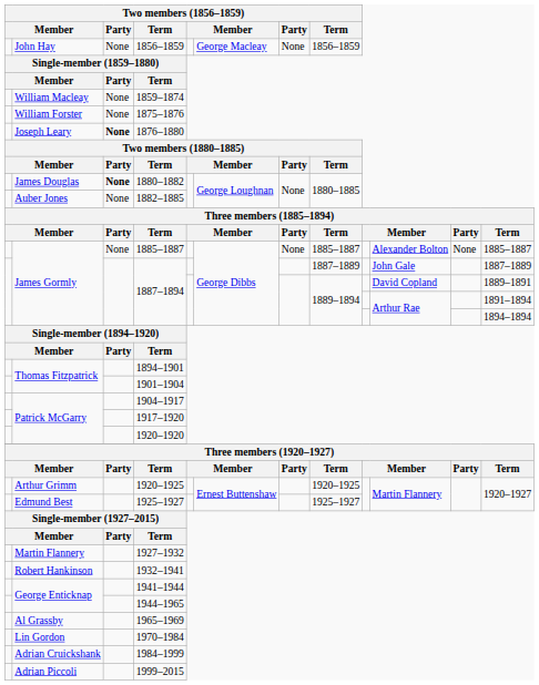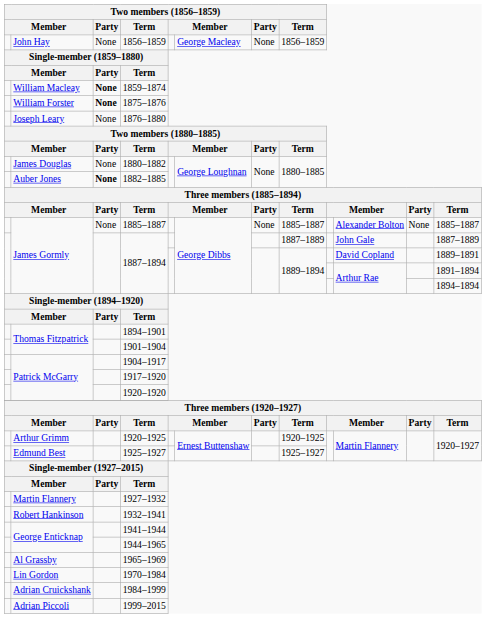 <table class="wikitable" style='border-style: none none none solid;'>
 <tr>
 <th colspan="8">Two members (1856–1859)</th>
 </tr>
 <tr>
 <th colspan="2">Member</th>
 <th>Party</th>
 <th>Term</th>
 <th colspan="2">Member</th>
 <th>Party</th>
 <th>Term</th>
 </tr>
 <tr>
 <td> </td>
 <td style="background: #f9f9f9"><a href='#'>John Hay</a></td>
 <td style="background: #f9f9f9">None</td>
 <td style="background: #f9f9f9">1856–1859</td>
 <td> </td>
 <td style="background: #f9f9f9"><a href='#'>George Macleay</a></td>
 <td style="background: #f9f9f9">None</td>
 <td style="background: #f9f9f9">1856–1859</td>
 </tr>
 <tr>
 <th colspan="4">Single-member (1859–1880)</th>
 </tr>
 <tr>
 <th colspan="2">Member</th>
 <th>Party</th>
 <th>Term</th>
 </tr>
 <tr>
 <td> </td>
 <td style="background: #f9f9f9"><a href='#'>William Macleay</a></td>
-<td style="background: #f9f9f9">None</td>
+<td style="background: #f9f9f9"><strong>None</strong></td>
 <td style="background: #f9f9f9">1859–1874</td>
 </tr>
 <tr>
 <td> </td>
 <td style="background: #f9f9f9"><a href='#'>William Forster</a></td>
-<td style="background: #f9f9f9">None</td>
+<td style="background: #f9f9f9"><strong>None</strong></td>
 <td style="background: #f9f9f9">1875–1876</td>
 </tr>
 <tr>
 <td> </td>
 <td style="background: #f9f9f9"><a href='#'>Joseph Leary</a></td>
-<td style="background: #f9f9f9"><strong>None</strong></td>
+<td style="background: #f9f9f9">None</td>
 <td style="background: #f9f9f9">1876–1880</td>
 </tr>
 <tr>
 <th colspan="8">Two members (1880–1885)</th>
 </tr>
 <tr>
 <th colspan="2">Member</th>
 <th>Party</th>
 <th>Term</th>
 <th colspan="2">Member</th>
 <th>Party</th>
 <th>Term</th>
 </tr>
 <tr>
 <td> </td>
 <td style="background: #f9f9f9"><a href='#'>James Douglas</a></td>
-<td style="background: #f9f9f9"><strong>None</strong></td>
+<td style="background: #f9f9f9">None</td>
 <td style="background: #f9f9f9">1880–1882</td>
 <td rowspan="2" > </td>
 <td style="background: #f9f9f9" rowspan="2"><a href='#'>George Loughnan</a></td>
 <td style="background: #f9f9f9" rowspan="2">None</td>
 <td style="background: #f9f9f9" rowspan="2">1880–1885</td>
 </tr>
 <tr>
 <td> </td>
 <td style="background: #f9f9f9"><a href='#'>Auber Jones</a></td>
-<td style="background: #f9f9f9">None</td>
+<td style="background: #f9f9f9"><strong>None</strong></td>
 <td style="background: #f9f9f9">1882–1885</td>
 </tr>
 <tr>
 <th colspan="12">Three members (1885–1894)</th>
 </tr>
 <tr>
 <th colspan="2">Member</th>
 <th>Party</th>
 <th>Term</th>
 <th colspan="2">Member</th>
 <th>Party</th>
 <th>Term</th>
 <th colspan="2">Member</th>
 <th>Party</th>
 <th>Term</th>
 </tr>
 <tr>
 <td> </td>
 <td style="background: #f9f9f9" rowspan="5"><a href='#'>James Gormly</a></td>
 <td style="background: #f9f9f9">None</td>
 <td style="background: #f9f9f9">1885–1887</td>
 <td> </td>
 <td style="background: #f9f9f9" rowspan="5"><a href='#'>George Dibbs</a></td>
 <td style="background: #f9f9f9">None</td>
 <td style="background: #f9f9f9">1885–1887</td>
 <td> </td>
 <td style="background: #f9f9f9"><a href='#'>Alexander Bolton</a></td>
 <td style="background: #f9f9f9">None</td>
 <td style="background: #f9f9f9">1885–1887</td>
 </tr>
 <tr>
 <td rowspan="4" > </td>
 <td style="background: #f9f9f9" rowspan="4"></td>
 <td style="background: #f9f9f9" rowspan="4">1887–1894</td>
 <td> </td>
 <td style="background: #f9f9f9"></td>
 <td style="background: #f9f9f9">1887–1889</td>
 <td> </td>
 <td style="background: #f9f9f9"><a href='#'>John Gale</a></td>
 <td style="background: #f9f9f9"></td>
 <td style="background: #f9f9f9">1887–1889</td>
 </tr>
 <tr>
 <td rowspan="3" > </td>
 <td style="background: #f9f9f9" rowspan="3"></td>
 <td style="background: #f9f9f9" rowspan="3">1889–1894</td>
 <td> </td>
 <td style="background: #f9f9f9"><a href='#'>David Copland</a></td>
 <td style="background: #f9f9f9"></td>
 <td style="background: #f9f9f9">1889–1891</td>
 </tr>
 <tr>
 <td> </td>
 <td style="background: #f9f9f9" rowspan="2"><a href='#'>Arthur Rae</a></td>
 <td style="background: #f9f9f9"></td>
 <td style="background: #f9f9f9">1891–1894</td>
 </tr>
 <tr>
 <td> </td>
 <td style="background: #f9f9f9"></td>
 <td style="background: #f9f9f9">1894–1894</td>
 </tr>
 <tr>
 <th colspan="4">Single-member (1894–1920)</th>
 </tr>
 <tr>
 <th colspan="2">Member</th>
 <th>Party</th>
 <th>Term</th>
 </tr>
 <tr>
 <td> </td>
 <td style="background: #f9f9f9" rowspan="2"><a href='#'>Thomas Fitzpatrick</a></td>
 <td style="background: #f9f9f9"></td>
 <td style="background: #f9f9f9">1894–1901</td>
 </tr>
 <tr>
 <td> </td>
 <td style="background: #f9f9f9"></td>
 <td style="background: #f9f9f9">1901–1904</td>
 </tr>
 <tr>
 <td> </td>
 <td style="background: #f9f9f9" rowspan="3"><a href='#'>Patrick McGarry</a></td>
 <td style="background: #f9f9f9"></td>
 <td style="background: #f9f9f9">1904–1917</td>
 </tr>
 <tr>
 <td> </td>
 <td style="background: #f9f9f9"></td>
 <td style="background: #f9f9f9">1917–1920</td>
 </tr>
 <tr>
 <td> </td>
 <td style="background: #f9f9f9"></td>
 <td style="background: #f9f9f9">1920–1920</td>
 </tr>
 <tr>
 </tr>
 <tr>
 <th colspan="12">Three members (1920–1927)</th>
 </tr>
 <tr>
 <th colspan="2">Member</th>
 <th>Party</th>
 <th>Term</th>
 <th colspan="2">Member</th>
 <th>Party</th>
 <th>Term</th>
 <th colspan="2">Member</th>
 <th>Party</th>
 <th>Term</th>
 </tr>
 <tr>
 <td> </td>
 <td style="background: #f9f9f9"><a href='#'>Arthur Grimm</a></td>
 <td style="background: #f9f9f9"></td>
 <td>1920–1925</td>
 <td> </td>
 <td style="background: #f9f9f9" rowspan="2"><a href='#'>Ernest Buttenshaw</a></td>
 <td style="background: #f9f9f9"></td>
 <td style="background: #f9f9f9">1920–1925</td>
 <td rowspan="2" > </td>
 <td style="background: #f9f9f9" rowspan="2"><a href='#'>Martin Flannery</a></td>
 <td style="background: #f9f9f9" rowspan="2"></td>
 <td style="background: #f9f9f9" rowspan="2">1920–1927</td>
 </tr>
 <tr>
 <td> </td>
 <td style="background: #f9f9f9"><a href='#'>Edmund Best</a></td>
 <td style="background: #f9f9f9"></td>
 <td style="background: #f9f9f9">1925–1927</td>
 <td> </td>
 <td style="background: #f9f9f9"></td>
 <td style="background: #f9f9f9">1925–1927</td>
 </tr>
 <tr>
 <th colspan="4">Single-member (1927–2015)</th>
 </tr>
 <tr>
 <th colspan="2">Member</th>
 <th>Party</th>
 <th>Term</th>
 </tr>
 <tr>
 <td> </td>
 <td style="background: #f9f9f9"><a href='#'>Martin Flannery</a></td>
 <td style="background: #f9f9f9"></td>
 <td style="background: #f9f9f9">1927–1932</td>
 </tr>
 <tr>
 <td> </td>
 <td style="background: #f9f9f9"><a href='#'>Robert Hankinson</a></td>
 <td style="background: #f9f9f9"></td>
 <td style="background: #f9f9f9">1932–1941</td>
 </tr>
 <tr>
 <td> </td>
 <td style="background: #f9f9f9" rowspan="2"><a href='#'>George Enticknap</a></td>
 <td style="background: #f9f9f9"></td>
 <td style="background: #f9f9f9">1941–1944</td>
 </tr>
 <tr>
 <td> </td>
 <td style="background: #f9f9f9"></td>
 <td style="background: #f9f9f9">1944–1965</td>
 </tr>
 <tr>
 <td> </td>
 <td style="background: #f9f9f9"><a href='#'>Al Grassby</a></td>
 <td style="background: #f9f9f9"></td>
 <td>1965–1969</td>
 </tr>
 <tr>
 <td> </td>
 <td style="background: #f9f9f9"><a href='#'>Lin Gordon</a></td>
 <td style="background: #f9f9f9"></td>
 <td style="background: #f9f9f9">1970–1984</td>
 </tr>
 <tr>
 <td> </td>
 <td style="background: #f9f9f9"><a href='#'>Adrian Cruickshank</a></td>
 <td style="background: #f9f9f9"></td>
 <td style="background: #f9f9f9">1984–1999</td>
 </tr>
 <tr>
 <td> </td>
 <td style="background: #f9f9f9"><a href='#'>Adrian Piccoli</a></td>
 <td style="background: #f9f9f9"></td>
 <td style="background: #f9f9f9">1999–2015</td>
 </tr>
 </table>
